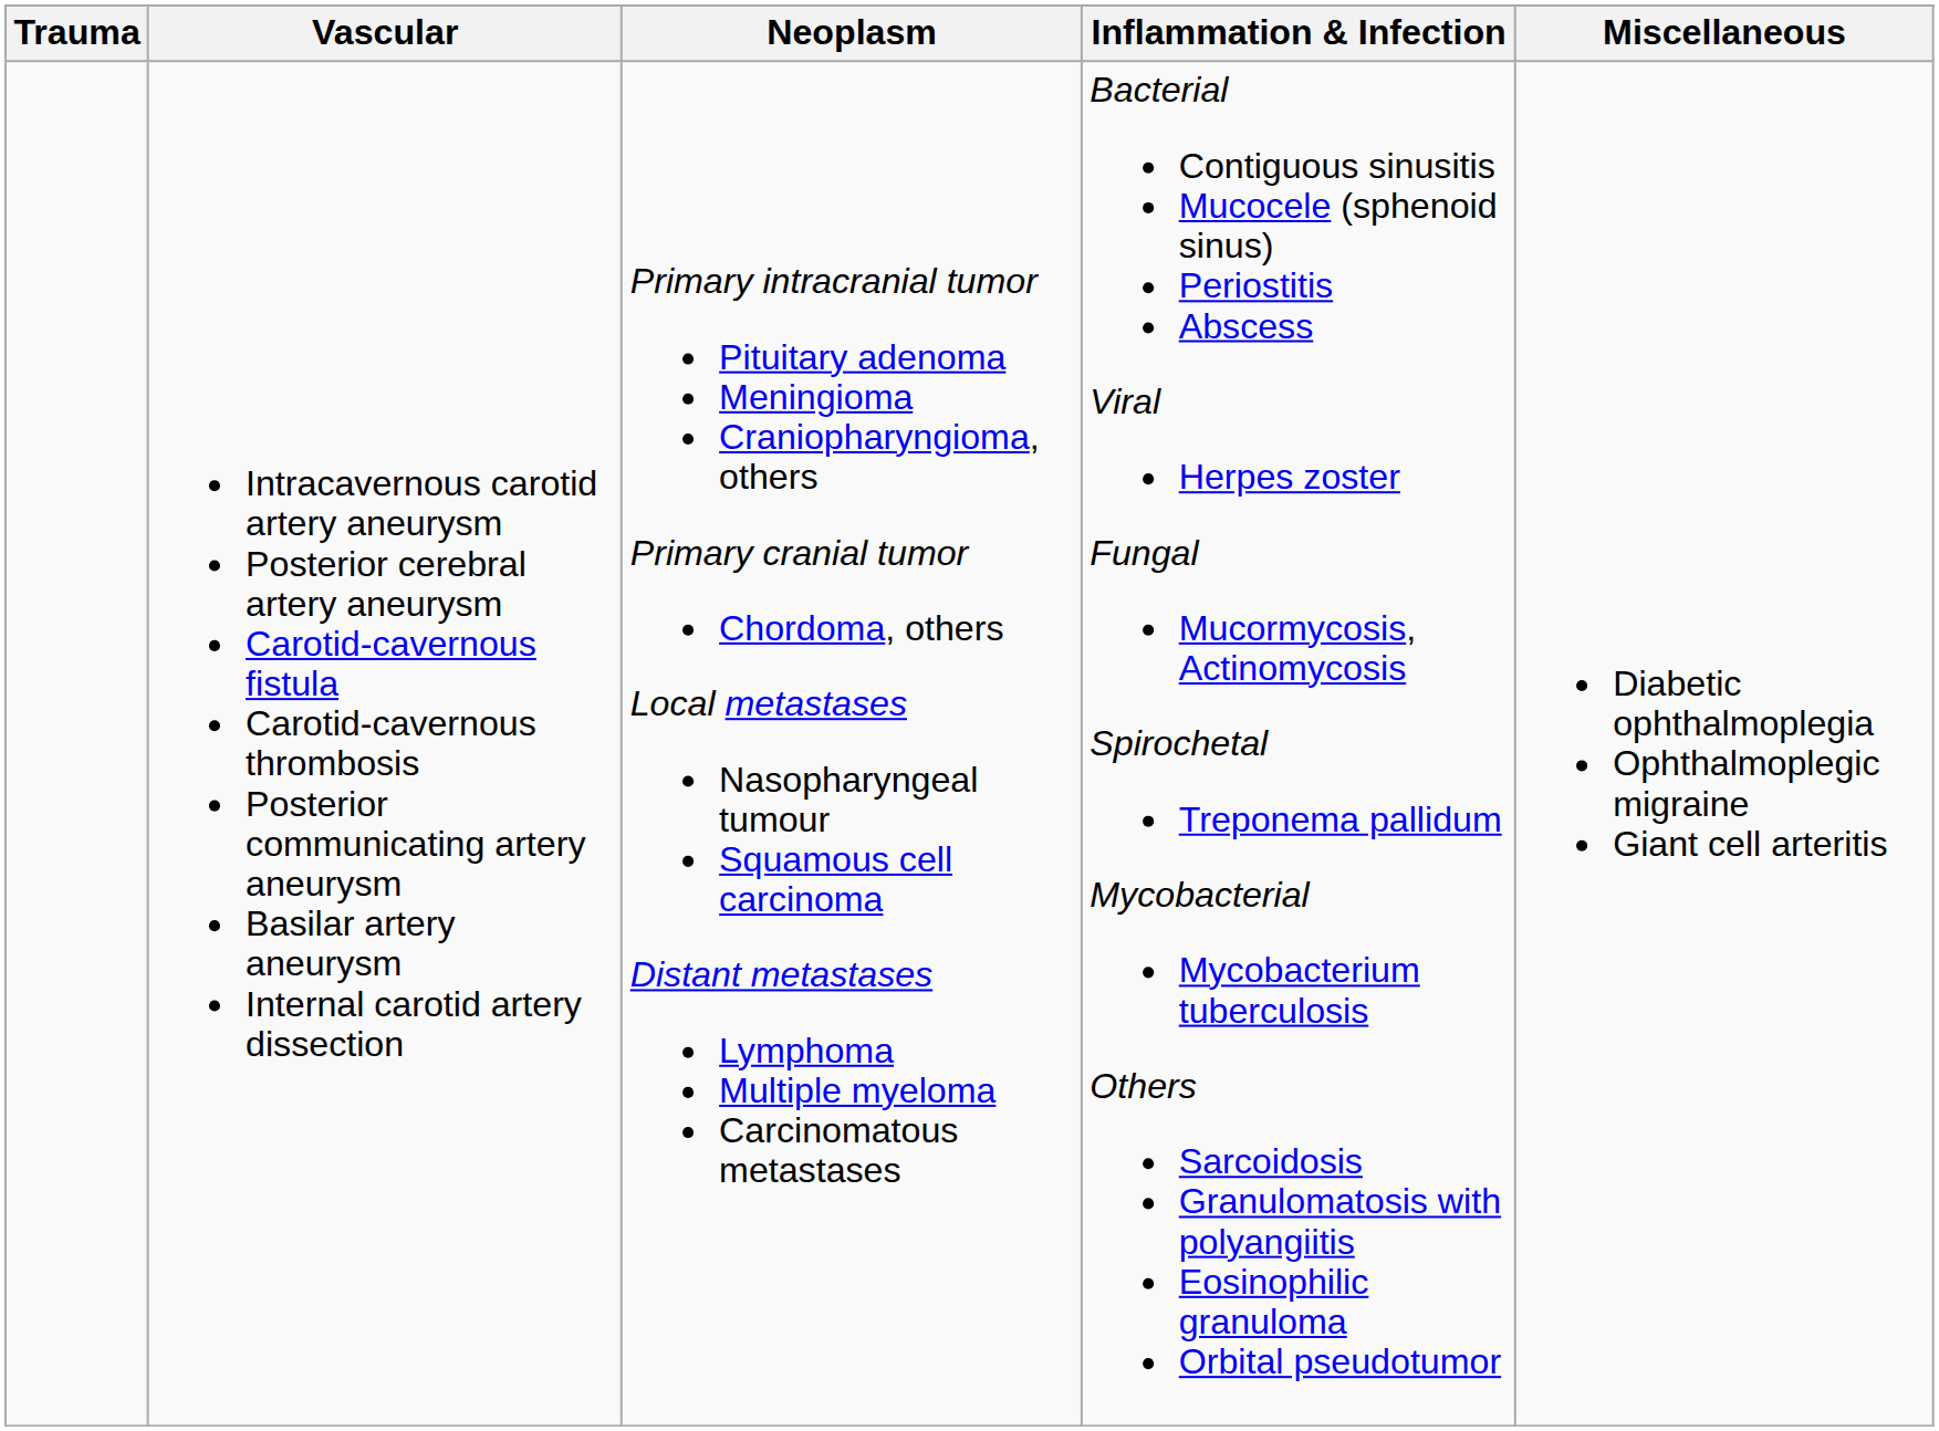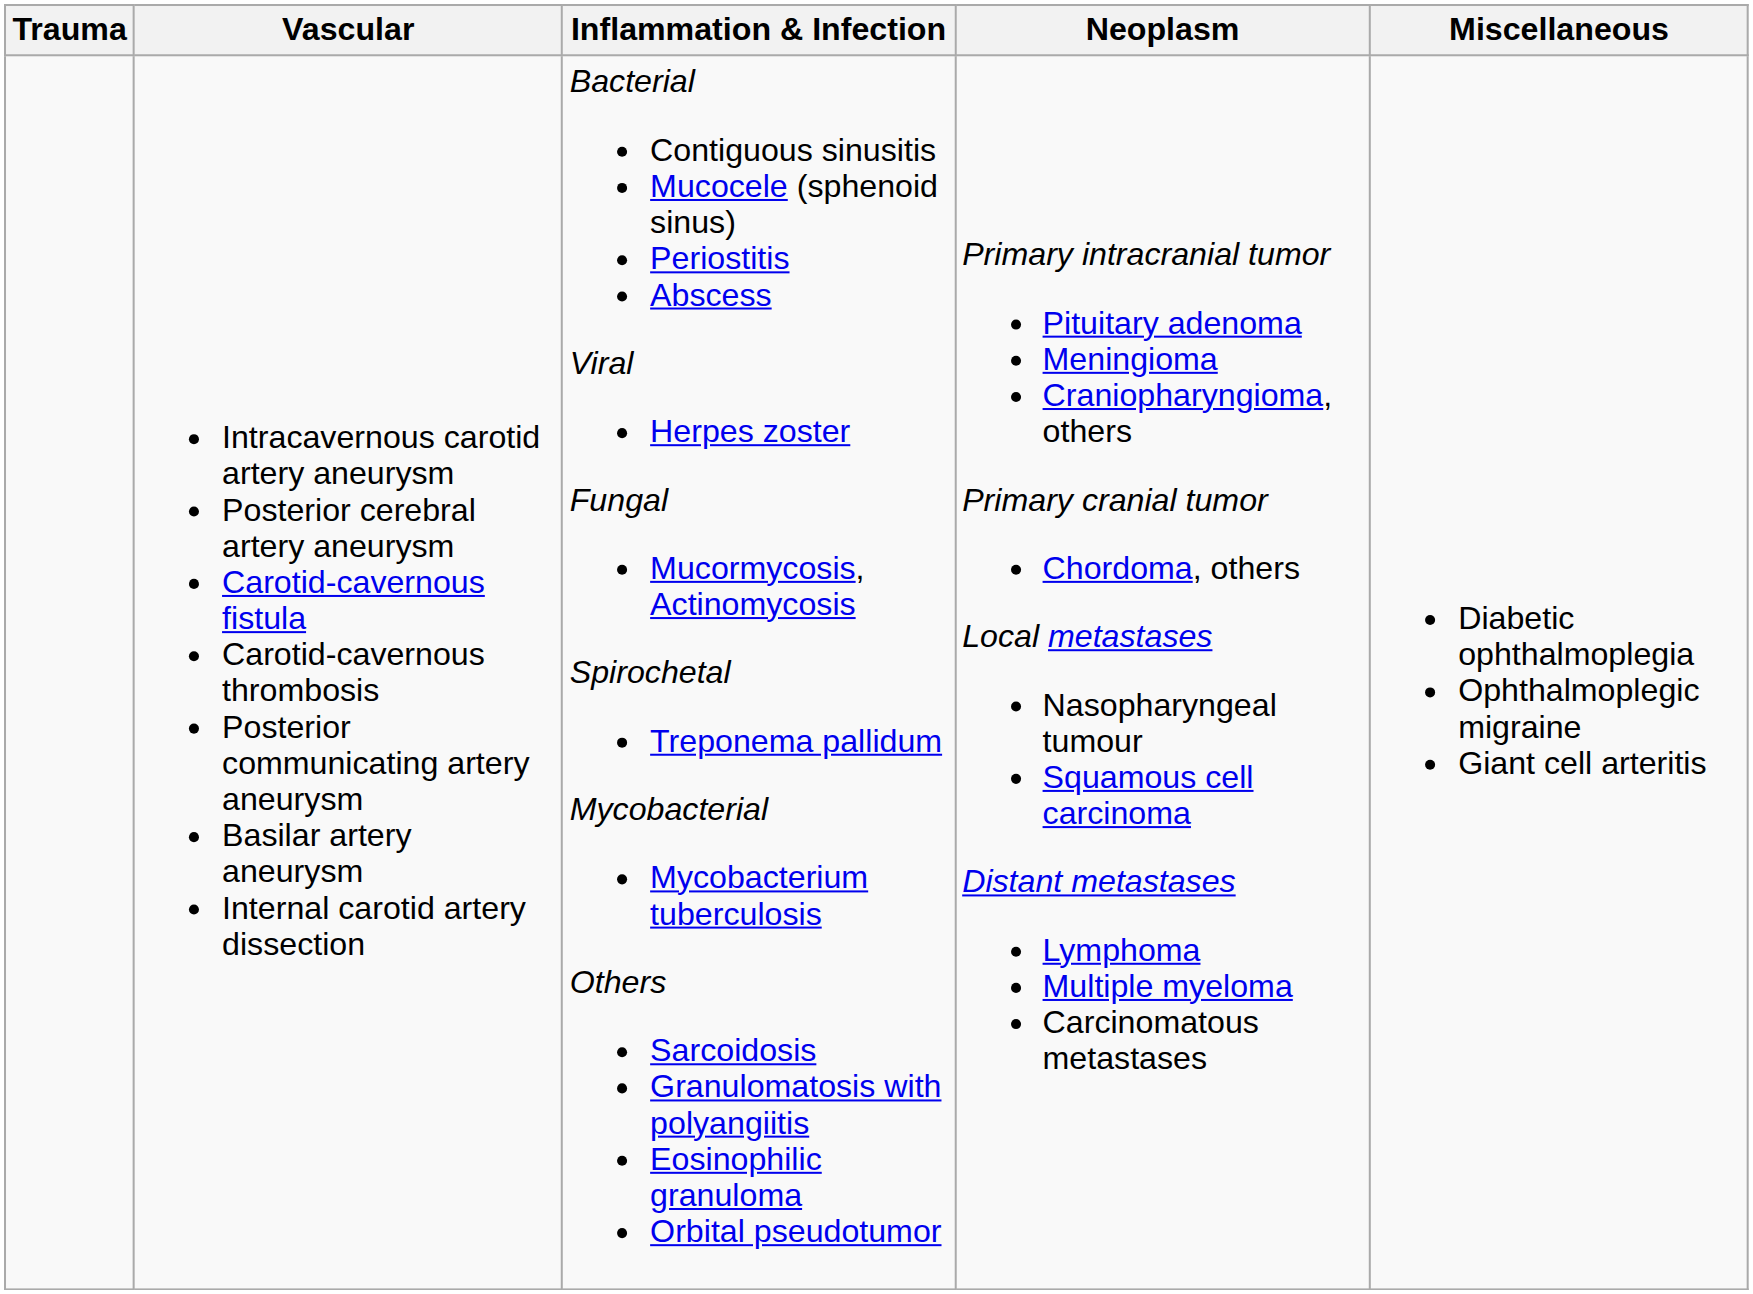 <table class="wikitable">
 <tr>
 <th>Trauma</th>
 <th>Vascular</th>
+<th><strong>Inflammation</strong> <strong>& Infection</strong></th>
 <th>Neoplasm</th>
-<th><strong>Inflammation</strong> <strong>& Infection</strong></th>
 <th>Miscellaneous</th>
 </tr>
 <tr>
 <td></td>
 <td><br><ul><li>Intracavernous carotid artery aneurysm</li><li>Posterior cerebral artery aneurysm</li><li><a href='#'>Carotid-cavernous fistula</a></li><li>Carotid-cavernous thrombosis</li><li>Posterior communicating artery aneurysm</li><li>Basilar artery aneurysm</li><li>Internal carotid artery dissection</li></ul></td>
+<td><em>Bacterial</em><br><ul><li>Contiguous sinusitis</li><li><a href='#'>Mucocele</a> (sphenoid sinus)</li><li><a href='#'>Periostitis</a></li><li><a href='#'>Abscess</a></li></ul><em>Viral</em><ul><li><a href='#'>Herpes zoster</a></li></ul><em>Fungal</em><ul><li><a href='#'>Mucormycosis</a>, <a href='#'>Actinomycosis</a></li></ul><em>Spirochetal</em><ul><li><a href='#'>Treponema pallidum</a></li></ul><em>Mycobacterial</em><ul><li><a href='#'>Mycobacterium tuberculosis</a></li></ul><em>Others</em><ul><li><a href='#'>Sarcoidosis</a></li><li><a href='#'>Granulomatosis with polyangiitis</a></li><li><a href='#'>Eosinophilic granuloma</a></li><li><a href='#'>Orbital pseudotumor</a></li></ul></td>
 <td><em> Primary intracranial tumor</em><br><ul><li><a href='#'>Pituitary adenoma</a></li><li><a href='#'>Meningioma</a></li><li><a href='#'>Craniopharyngioma</a>, others</li></ul><em>Primary cranial tumor</em><ul><li><a href='#'>Chordoma</a>, others</li></ul><em>Local <a href='#'>metastases</a></em><ul><li>Nasopharyngeal tumour</li><li><a href='#'>Squamous cell carcinoma</a></li></ul><em><a href='#'>Distant metastases</a></em><ul><li><a href='#'>Lymphoma</a></li><li><a href='#'>Multiple myeloma</a></li><li>Carcinomatous metastases</li></ul></td>
-<td><em>Bacterial</em><br><ul><li>Contiguous sinusitis</li><li><a href='#'>Mucocele</a> (sphenoid sinus)</li><li><a href='#'>Periostitis</a></li><li><a href='#'>Abscess</a></li></ul><em>Viral</em><ul><li><a href='#'>Herpes zoster</a></li></ul><em>Fungal</em><ul><li><a href='#'>Mucormycosis</a>, <a href='#'>Actinomycosis</a></li></ul><em>Spirochetal</em><ul><li><a href='#'>Treponema pallidum</a></li></ul><em>Mycobacterial</em><ul><li><a href='#'>Mycobacterium tuberculosis</a></li></ul><em>Others</em><ul><li><a href='#'>Sarcoidosis</a></li><li><a href='#'>Granulomatosis with polyangiitis</a></li><li><a href='#'>Eosinophilic granuloma</a></li><li><a href='#'>Orbital pseudotumor</a></li></ul></td>
 <td><br><ul><li>Diabetic ophthalmoplegia</li><li>Ophthalmoplegic migraine</li><li>Giant cell arteritis</li></ul></td>
 </tr>
 </table>
